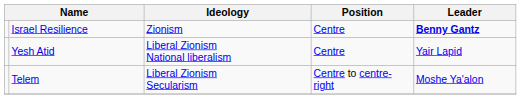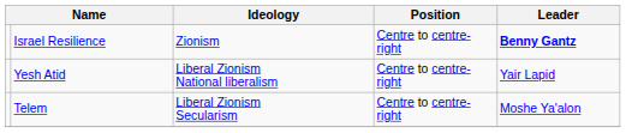 <table class="wikitable">
 <tr>
 <th colspan=2>Name</th>
 <th>Ideology</th>
 <th>Position</th>
 <th>Leader</th>
 </tr>
 <tr>
 <td style="background:"></td>
 <td style="width:200px"><a href='#'>Israel Resilience</a></td>
 <td style="width:250px"><a href='#'>Zionism</a></td>
-<td style="width:150px"><a href='#'>Centre</a></td>
+<td style="width:100px"><a href='#'>Centre</a> to <a href='#'>centre-right</a></td>
 <td style="width:150px"><strong><a href='#'>Benny Gantz</a></strong></td>
 </tr>
 <tr>
 <td style="background:"></td>
 <td style="width:200px"><a href='#'>Yesh Atid</a></td>
 <td style="width:250px"><a href='#'>Liberal Zionism</a><br><a href='#'>National liberalism</a></td>
-<td style="width:150px"><a href='#'>Centre</a></td>
+<td style="width:100px"><a href='#'>Centre</a> to <a href='#'>centre-right</a></td>
 <td style="width:150px"><a href='#'>Yair Lapid</a></td>
 </tr>
 <tr>
 <td style="background:"></td>
 <td style="width:200px"><a href='#'>Telem</a></td>
 <td style="width:250px"><a href='#'>Liberal Zionism</a><br><a href='#'>Secularism</a></td>
 <td style="width:150px"><a href='#'>Centre</a> to <a href='#'>centre-right</a></td>
 <td style="width:150px"><a href='#'>Moshe Ya'alon</a></td>
 </tr>
 <tr>
 </tr>
 </table>
